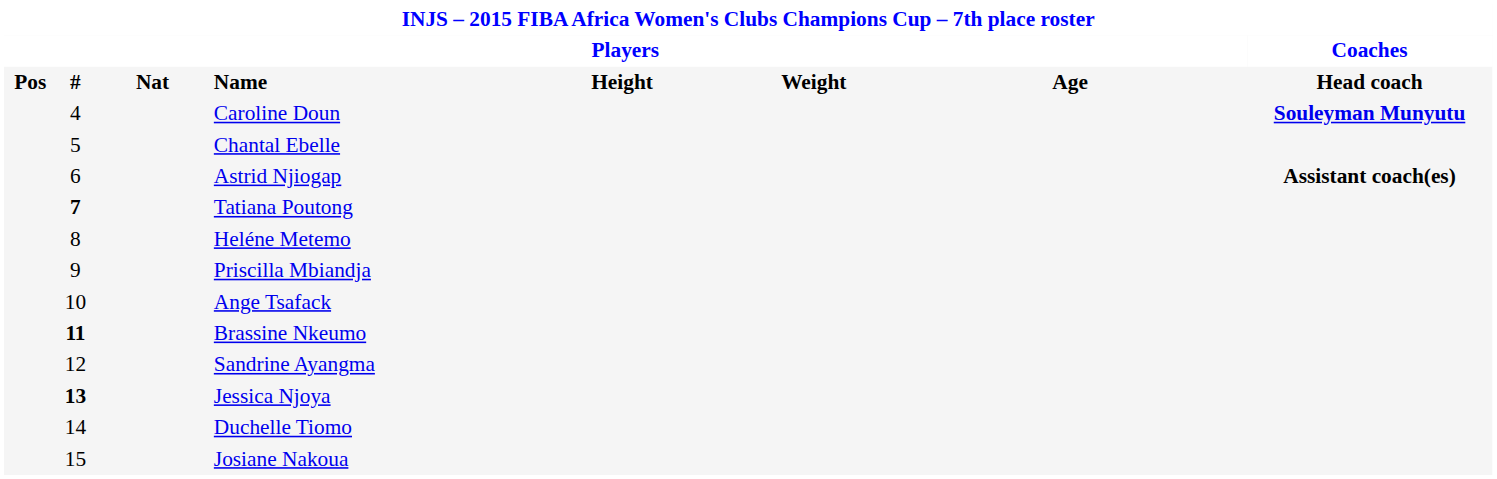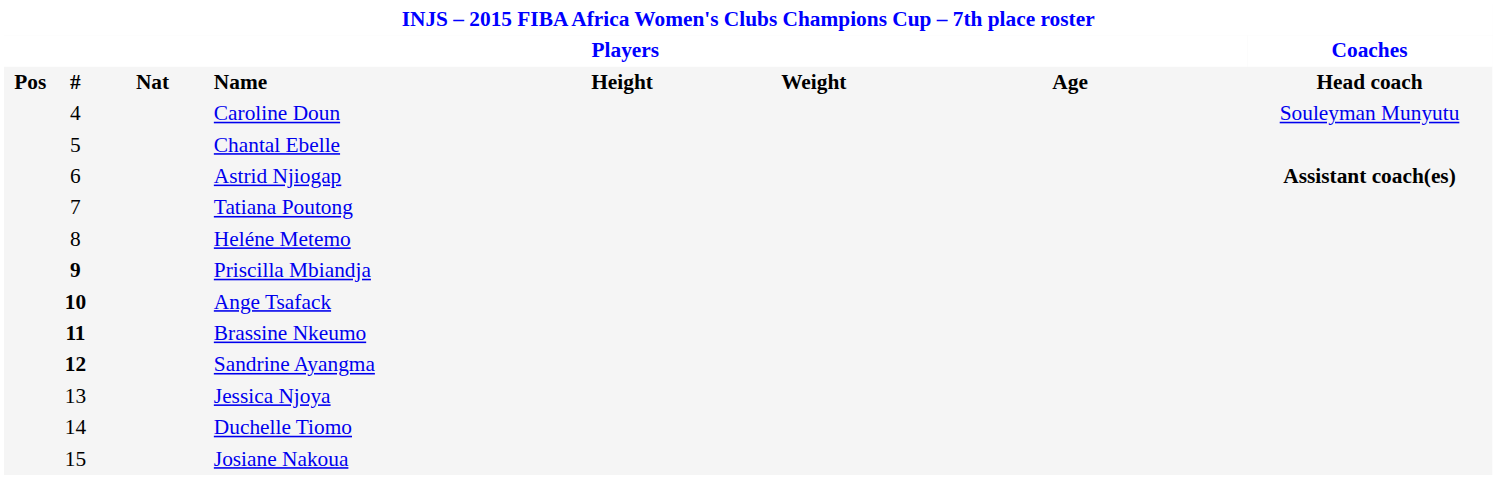 <table border=0 cellpadding=2 cellspacing=0  |- bgcolor=#f5f5f5 style="text-align:center; font-size:85%;" width=75%>
 <tr>
 <td colspan="8" style="background: white; color: blue"><strong>INJS – 2015 FIBA Africa Women's Clubs Champions Cup – 7th place roster</strong></td>
 </tr>
 <tr>
 <td colspan="7" style="background: white; color: blue"><strong>Players</strong></td>
 <td style="background: white; color: blue"><strong>Coaches</strong></td>
 </tr>
 <tr style="background=#f5f5f5; color: black">
 <th width=5px>Pos</th>
 <th width=5px>#</th>
 <th width=50px>Nat</th>
 <th width=135px align=left>Name</th>
 <th width=100px>Height</th>
 <th width=70px>Weight</th>
 <th width=160px>Age</th>
 <th width=110px>Head coach</th>
 </tr>
 <tr>
 <td></td>
 <td>4</td>
 <td></td>
 <td align=left><a href='#'>Caroline Doun</a></td>
 <td></td>
 <td></td>
 <td><span></span></td>
-<td><strong> <a href='#'>Souleyman Munyutu</a></strong></td>
+<td> <a href='#'>Souleyman Munyutu</a></td>
 </tr>
 <tr>
 <td></td>
 <td>5</td>
 <td></td>
 <td align=left><a href='#'>Chantal Ebelle</a></td>
 <td></td>
 <td></td>
 <td><span></span></td>
 </tr>
 <tr>
 <td></td>
 <td>6</td>
 <td></td>
 <td align=left><a href='#'>Astrid Njiogap</a></td>
 <td><span></span></td>
 <td></td>
 <td><span></span></td>
 <td><strong>Assistant coach(es)</strong></td>
 </tr>
 <tr>
 <td></td>
-<td><strong>7</strong></td>
+<td>7</td>
 <td></td>
 <td align=left><a href='#'>Tatiana Poutong</a></td>
 <td></td>
 <td></td>
 <td><span></span></td>
 </tr>
 <tr>
 <td></td>
 <td>8</td>
 <td></td>
 <td align=left><a href='#'>Heléne Metemo</a></td>
 <td></td>
 <td></td>
 <td><span></span></td>
 </tr>
 <tr>
 <td></td>
-<td>9</td>
+<td><strong>9</strong></td>
 <td></td>
 <td align=left><a href='#'>Priscilla Mbiandja</a></td>
 <td><span></span></td>
 <td></td>
 <td><span></span></td>
 </tr>
 <tr>
 <td></td>
-<td>10</td>
+<td><strong>10</strong></td>
 <td></td>
 <td align=left><a href='#'>Ange Tsafack</a></td>
 <td></td>
 <td></td>
 <td><span></span></td>
 </tr>
 <tr>
 <td></td>
 <td><strong>11</strong></td>
 <td></td>
 <td align=left><a href='#'>Brassine Nkeumo</a></td>
 <td></td>
 <td></td>
 <td><span></span></td>
 </tr>
 <tr>
 <td></td>
-<td>12</td>
+<td><strong>12</strong></td>
 <td></td>
 <td align=left><a href='#'>Sandrine Ayangma</a></td>
 <td><span></span></td>
 <td></td>
 <td><span></span></td>
 </tr>
 <tr>
 <td></td>
-<td><strong>13</strong></td>
+<td>13</td>
 <td></td>
 <td align=left><a href='#'>Jessica Njoya</a></td>
 <td></td>
 <td></td>
 <td><span></span></td>
 </tr>
 <tr>
 <td></td>
 <td>14</td>
 <td></td>
 <td align=left><a href='#'>Duchelle Tiomo</a></td>
 <td></td>
 <td></td>
 <td><span></span></td>
 </tr>
 <tr>
 <td></td>
 <td>15</td>
 <td></td>
 <td align=left><a href='#'>Josiane Nakoua</a></td>
 <td></td>
 <td></td>
 <td><span></span></td>
 </tr>
 </table>
